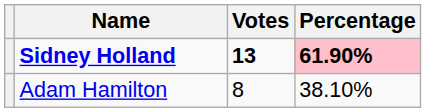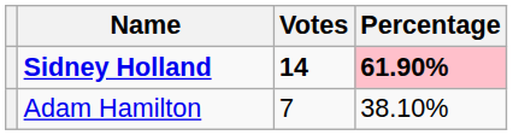 <table class="wikitable">
 <tr>
 <th></th>
 <th>Name</th>
 <th>Votes</th>
 <th>Percentage</th>
 </tr>
 <tr>
 <th style="background-color: "></th>
 <td width="150"><strong><a href='#'>Sidney Holland</a></strong></td>
-<td><strong>13</strong></td>
+<td><strong>14</strong></td>
 <td style="background: pink;"><strong>61.90%</strong></td>
 </tr>
 <tr>
 <th style="background-color: "></th>
 <td><a href='#'>Adam Hamilton</a></td>
-<td>8</td>
+<td>7</td>
 <td>38.10%</td>
 </tr>
 </table>
